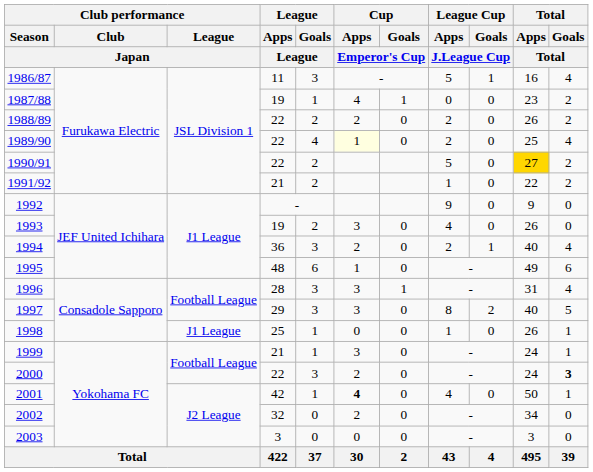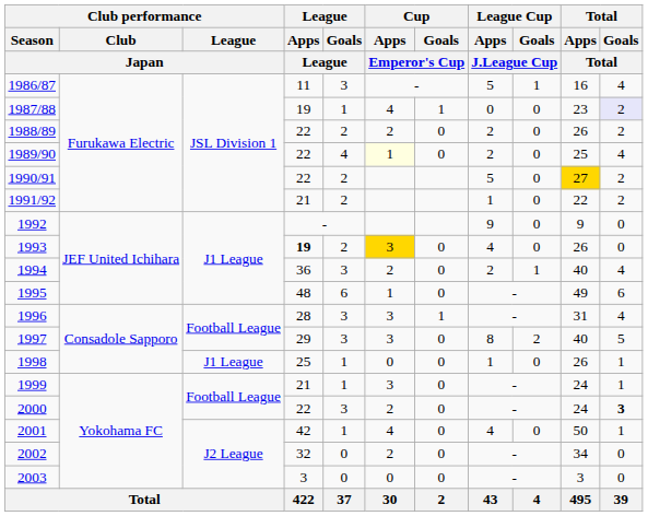 <table class="wikitable" style="text-align:center;">
 <tr>
 <th colspan=3>Club performance</th>
 <th colspan=2>League</th>
 <th colspan=2>Cup</th>
 <th colspan=2>League Cup</th>
 <th colspan=2>Total</th>
 </tr>
 <tr>
 <th>Season</th>
 <th>Club</th>
 <th>League</th>
 <th>Apps</th>
 <th>Goals</th>
 <th>Apps</th>
 <th>Goals</th>
 <th>Apps</th>
 <th>Goals</th>
 <th>Apps</th>
 <th>Goals</th>
 </tr>
 <tr>
 <th colspan=3>Japan</th>
 <th colspan=2>League</th>
 <th colspan=2><a href='#'>Emperor's Cup</a></th>
 <th colspan=2><a href='#'>J.League Cup</a></th>
 <th colspan=2>Total</th>
 </tr>
 <tr>
 <td><a href='#'>1986/87</a></td>
 <td rowspan="6"><a href='#'>Furukawa Electric</a></td>
 <td rowspan="6"><a href='#'>JSL Division 1</a></td>
 <td>11</td>
 <td>3</td>
 <td colspan="2">-</td>
 <td>5</td>
 <td>1</td>
 <td>16</td>
 <td>4</td>
 </tr>
 <tr>
 <td><a href='#'>1987/88</a></td>
 <td>19</td>
 <td>1</td>
 <td>4</td>
 <td>1</td>
 <td>0</td>
 <td>0</td>
 <td>23</td>
-<td>2</td>
+<td style="background: lavender;">2</td>
 </tr>
 <tr>
 <td><a href='#'>1988/89</a></td>
 <td>22</td>
 <td>2</td>
 <td>2</td>
 <td>0</td>
 <td>2</td>
 <td>0</td>
 <td>26</td>
 <td>2</td>
 </tr>
 <tr>
 <td><a href='#'>1989/90</a></td>
 <td>22</td>
 <td>4</td>
 <td style="background: lightyellow;">1</td>
 <td>0</td>
 <td>2</td>
 <td>0</td>
 <td>25</td>
 <td>4</td>
 </tr>
 <tr>
 <td><a href='#'>1990/91</a></td>
 <td>22</td>
 <td>2</td>
 <td></td>
 <td></td>
 <td>5</td>
 <td>0</td>
 <td style="background: gold;">27</td>
 <td>2</td>
 </tr>
 <tr>
 <td><a href='#'>1991/92</a></td>
 <td>21</td>
 <td>2</td>
 <td></td>
 <td></td>
 <td>1</td>
 <td>0</td>
 <td>22</td>
 <td>2</td>
 </tr>
 <tr>
 <td><a href='#'>1992</a></td>
 <td rowspan="4"><a href='#'>JEF United Ichihara</a></td>
 <td rowspan="4"><a href='#'>J1 League</a></td>
 <td colspan="2">-</td>
 <td></td>
 <td></td>
 <td>9</td>
 <td>0</td>
 <td>9</td>
 <td>0</td>
 </tr>
 <tr>
 <td><a href='#'>1993</a></td>
-<td>19</td>
+<td><strong>19</strong></td>
 <td>2</td>
-<td>3</td>
+<td style="background: gold;">3</td>
 <td>0</td>
 <td>4</td>
 <td>0</td>
 <td>26</td>
 <td>0</td>
 </tr>
 <tr>
 <td><a href='#'>1994</a></td>
 <td>36</td>
 <td>3</td>
 <td>2</td>
 <td>0</td>
 <td>2</td>
 <td>1</td>
 <td>40</td>
 <td>4</td>
 </tr>
 <tr>
 <td><a href='#'>1995</a></td>
 <td>48</td>
 <td>6</td>
 <td>1</td>
 <td>0</td>
 <td colspan="2">-</td>
 <td>49</td>
 <td>6</td>
 </tr>
 <tr>
 <td><a href='#'>1996</a></td>
 <td rowspan="3"><a href='#'>Consadole Sapporo</a></td>
 <td rowspan="2"><a href='#'>Football League</a></td>
 <td>28</td>
 <td>3</td>
 <td>3</td>
 <td>1</td>
 <td colspan="2">-</td>
 <td>31</td>
 <td>4</td>
 </tr>
 <tr>
 <td><a href='#'>1997</a></td>
 <td>29</td>
 <td>3</td>
 <td>3</td>
 <td>0</td>
 <td>8</td>
 <td>2</td>
 <td>40</td>
 <td>5</td>
 </tr>
 <tr>
 <td><a href='#'>1998</a></td>
 <td><a href='#'>J1 League</a></td>
 <td>25</td>
 <td>1</td>
 <td>0</td>
 <td>0</td>
 <td>1</td>
 <td>0</td>
 <td>26</td>
 <td>1</td>
 </tr>
 <tr>
 <td><a href='#'>1999</a></td>
 <td rowspan="5"><a href='#'>Yokohama FC</a></td>
 <td rowspan="2"><a href='#'>Football League</a></td>
 <td>21</td>
 <td>1</td>
 <td>3</td>
 <td>0</td>
 <td colspan="2">-</td>
 <td>24</td>
 <td>1</td>
 </tr>
 <tr>
 <td><a href='#'>2000</a></td>
 <td>22</td>
 <td>3</td>
 <td>2</td>
 <td>0</td>
 <td colspan="2">-</td>
 <td>24</td>
 <td><strong>3</strong></td>
 </tr>
 <tr>
 <td><a href='#'>2001</a></td>
 <td rowspan="3"><a href='#'>J2 League</a></td>
 <td>42</td>
 <td>1</td>
-<td><strong>4</strong></td>
+<td>4</td>
 <td>0</td>
 <td>4</td>
 <td>0</td>
 <td>50</td>
 <td>1</td>
 </tr>
 <tr>
 <td><a href='#'>2002</a></td>
 <td>32</td>
 <td>0</td>
 <td>2</td>
 <td>0</td>
 <td colspan="2">-</td>
 <td>34</td>
 <td>0</td>
 </tr>
 <tr>
 <td><a href='#'>2003</a></td>
 <td>3</td>
 <td>0</td>
 <td>0</td>
 <td>0</td>
 <td colspan="2">-</td>
 <td>3</td>
 <td>0</td>
 </tr>
 <tr>
 <th colspan=3>Total</th>
 <th>422</th>
 <th>37</th>
 <th>30</th>
 <th>2</th>
 <th>43</th>
 <th>4</th>
 <th>495</th>
 <th>39</th>
 </tr>
 </table>
